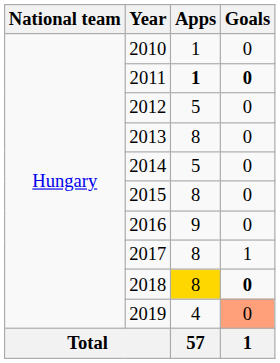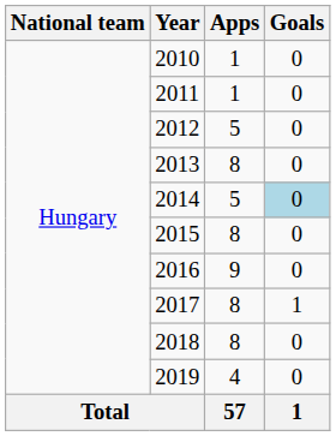 <table class="wikitable" style="text-align:center">
 <tr>
 <th>National team</th>
 <th>Year</th>
 <th>Apps</th>
 <th>Goals</th>
 </tr>
 <tr>
 <td rowspan="10"><a href='#'>Hungary</a></td>
 <td>2010</td>
 <td>1</td>
 <td>0</td>
 </tr>
 <tr>
 <td>2011</td>
-<td><strong>1</strong></td>
-<td><strong>0</strong></td>
+<td>1</td>
+<td>0</td>
 </tr>
 <tr>
 <td>2012</td>
 <td>5</td>
 <td>0</td>
 </tr>
 <tr>
 <td>2013</td>
 <td>8</td>
 <td>0</td>
 </tr>
 <tr>
 <td>2014</td>
 <td>5</td>
-<td>0</td>
+<td style="background: lightblue;">0</td>
 </tr>
 <tr>
 <td>2015</td>
 <td>8</td>
 <td>0</td>
 </tr>
 <tr>
 <td>2016</td>
 <td>9</td>
 <td>0</td>
 </tr>
 <tr>
 <td>2017</td>
 <td>8</td>
 <td>1</td>
 </tr>
 <tr>
 <td>2018</td>
-<td style="background: gold;">8</td>
-<td><strong>0</strong></td>
+<td>8</td>
+<td>0</td>
 </tr>
 <tr>
 <td>2019</td>
 <td>4</td>
-<td style="background: lightsalmon;">0</td>
+<td>0</td>
 </tr>
 <tr>
 <th colspan="2">Total</th>
 <th>57</th>
 <th>1</th>
 </tr>
 </table>
